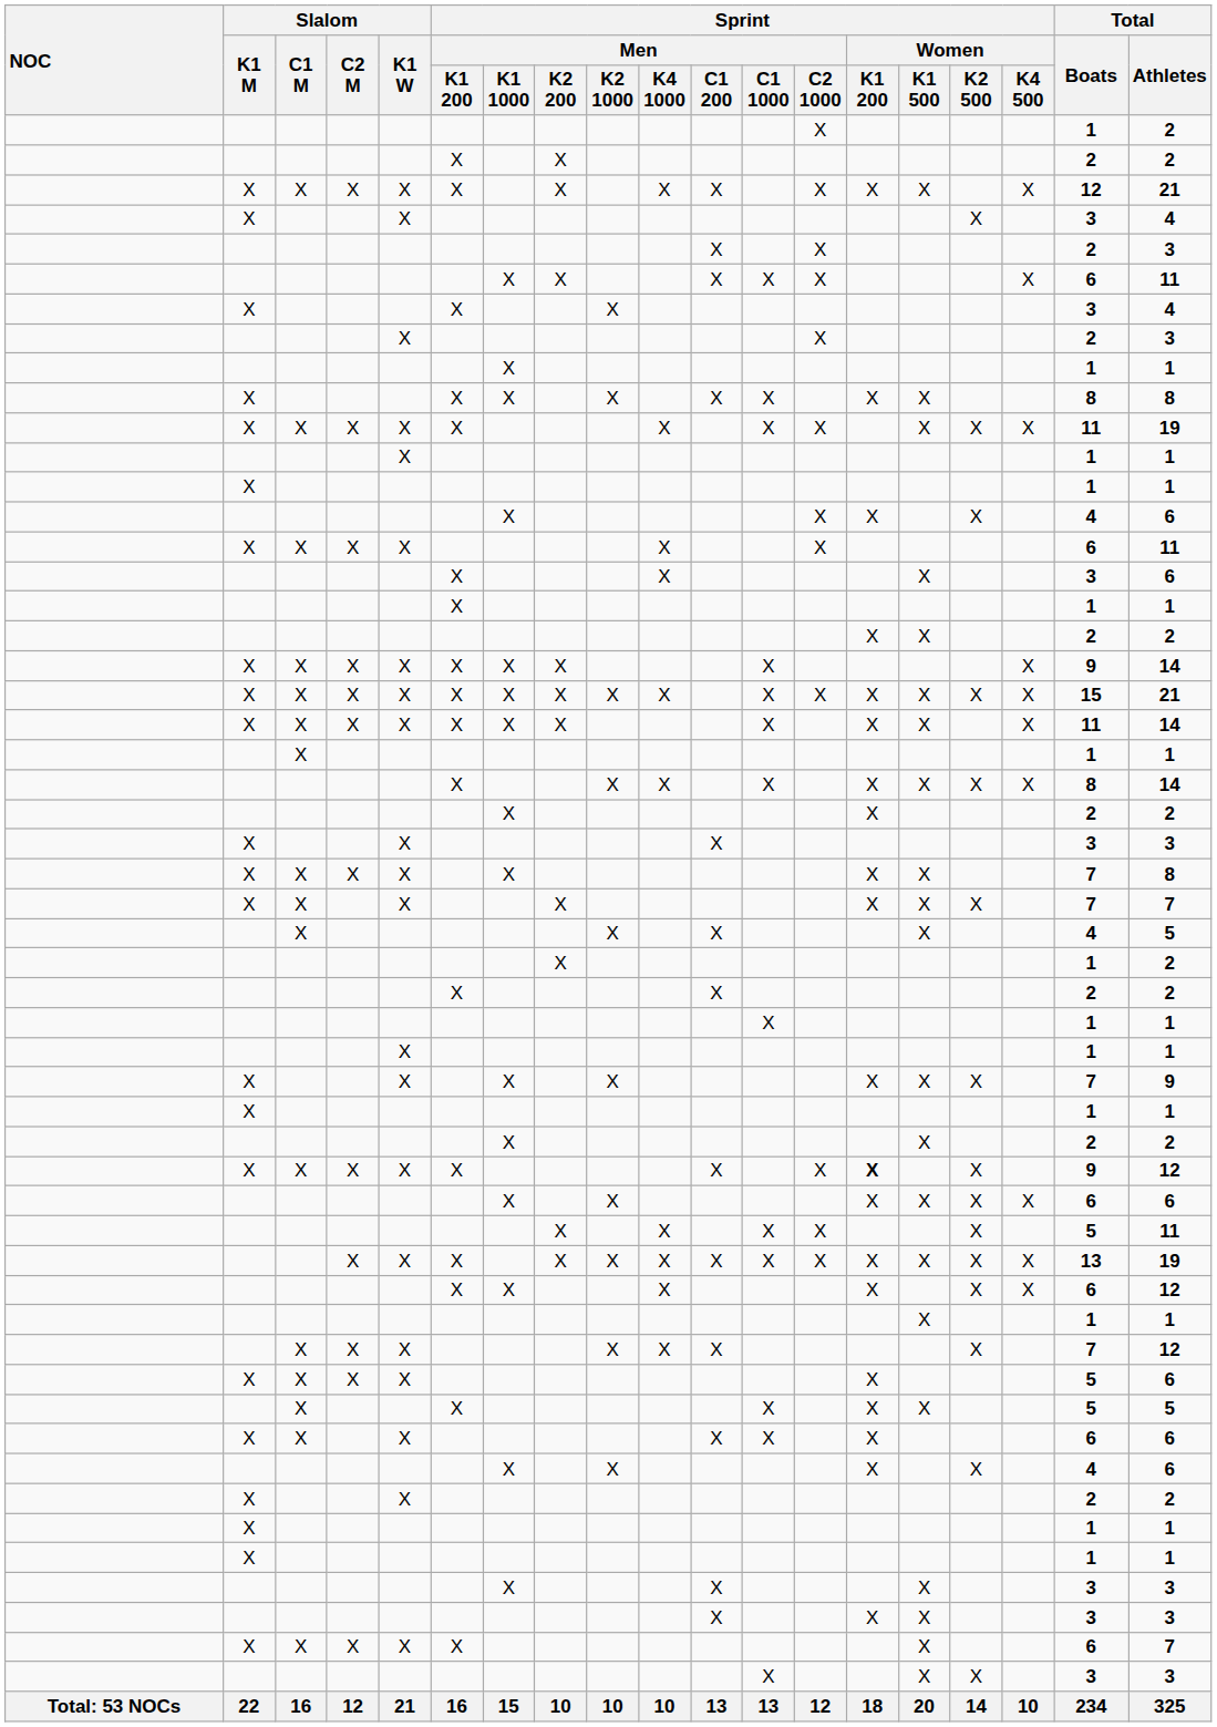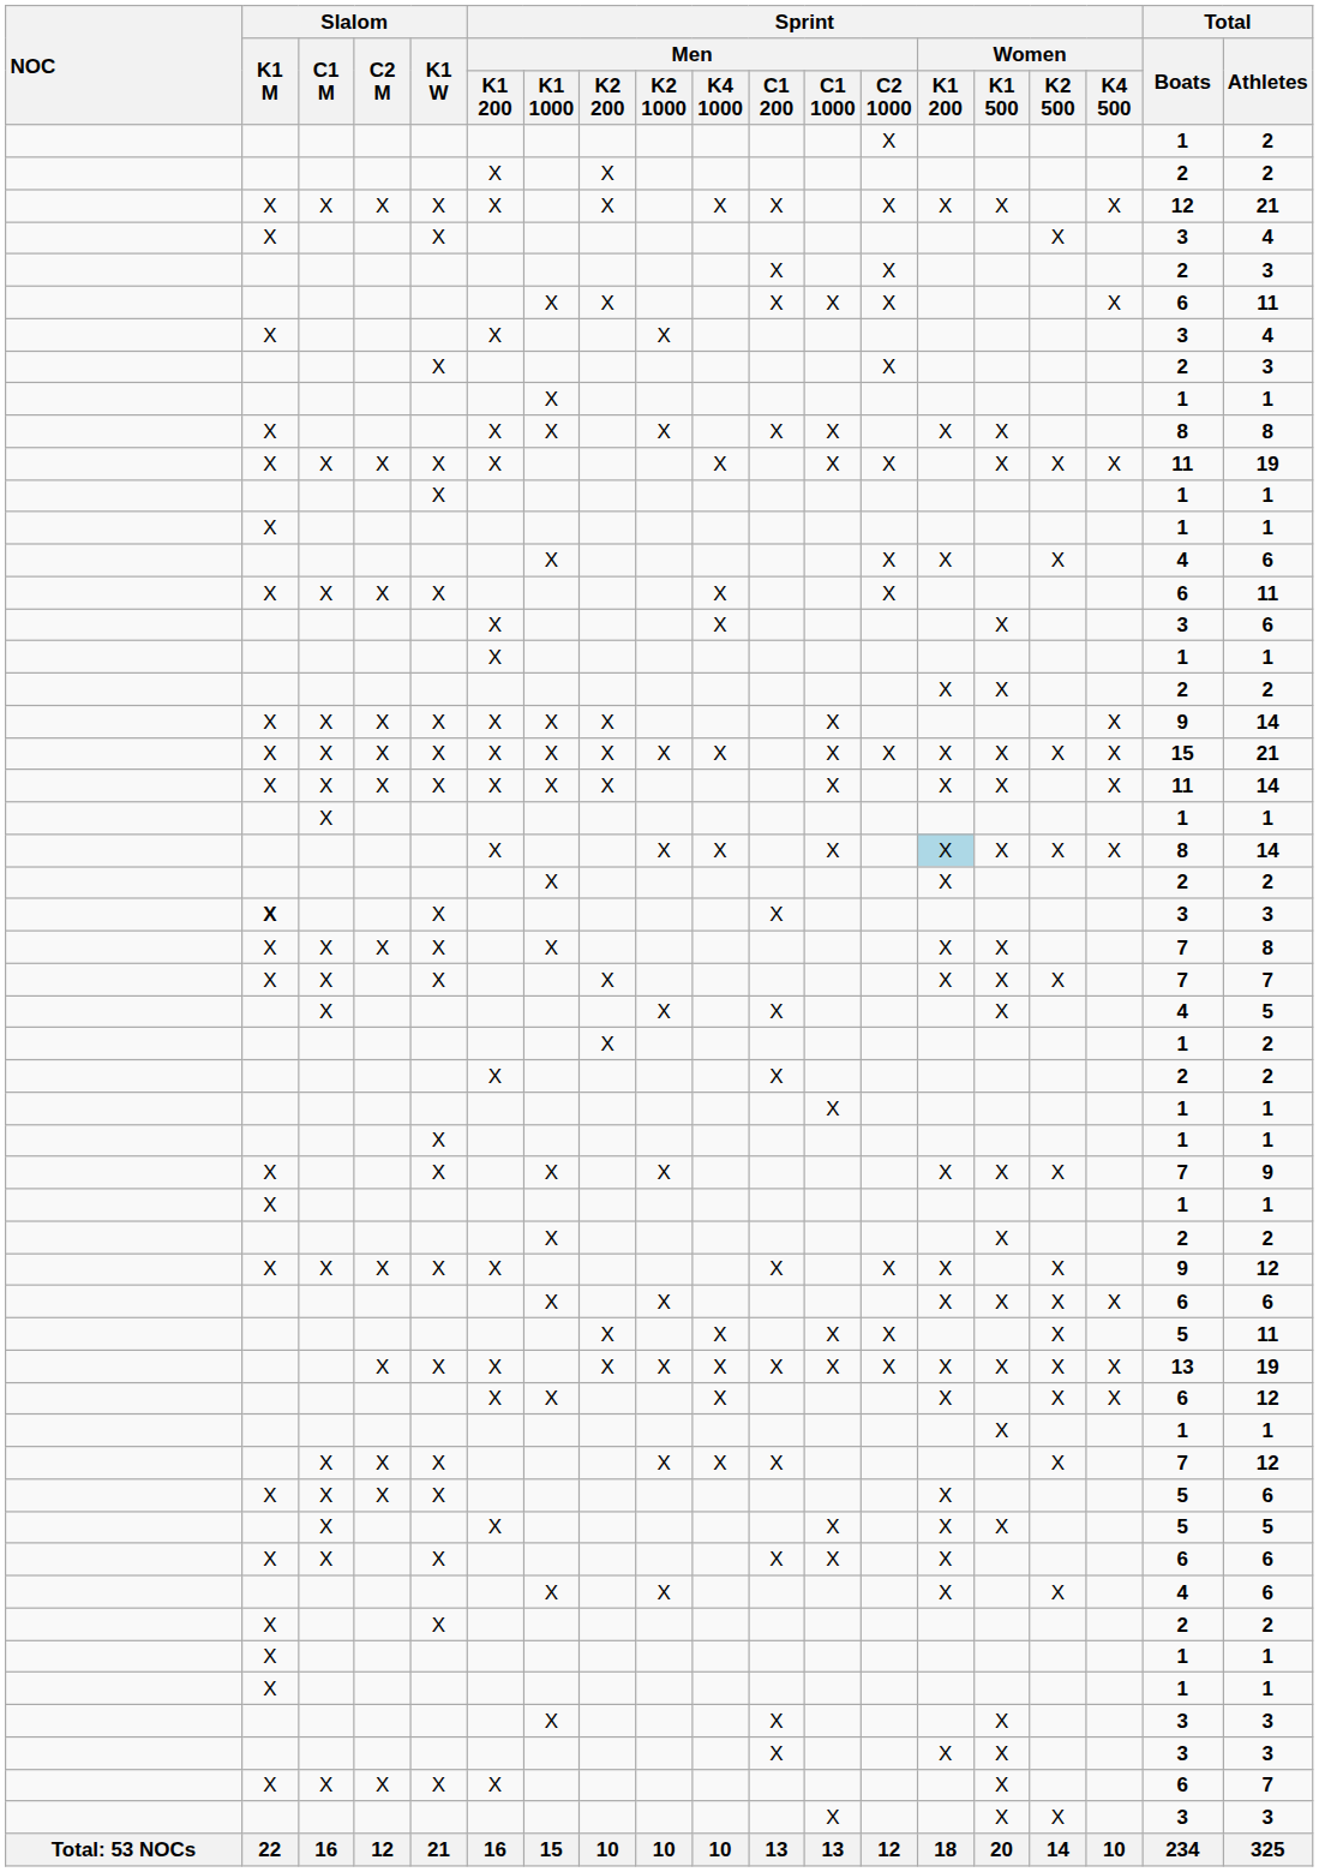 <table class="wikitable" style="text-align:center; font-size:90%">
 <tr>
 <th rowspan="3" style="text-align:left;" width=160>NOC</th>
 <th colspan="4">Slalom</th>
 <th colspan="12">Sprint</th>
 <th colspan="2">Total</th>
 </tr>
 <tr>
 <th width=33 rowspan="2">K1<br>M</th>
 <th width=33 rowspan="2">C1<br>M</th>
 <th width=33 rowspan="2">C2<br>M</th>
 <th width=33 rowspan="2">K1<br>W</th>
 <th colspan=8>Men</th>
 <th colspan=4>Women</th>
 <th width=50 rowspan="2">Boats</th>
 <th width=50 rowspan="2">Athletes</th>
 </tr>
 <tr>
 <th width=33>K1<br>200</th>
 <th width=33>K1<br>1000</th>
 <th width=33>K2<br>200</th>
 <th width=33>K2<br>1000</th>
 <th width=33>K4<br>1000</th>
 <th width=33>C1<br>200</th>
 <th width=33>C1<br>1000</th>
 <th width=33>C2<br>1000</th>
 <th width=33>K1<br>200</th>
 <th width=33>K1<br>500</th>
 <th width=33>K2<br>500</th>
 <th width=33>K4<br>500</th>
 </tr>
 <tr>
 <td style="text-align:left;"></td>
 <td></td>
 <td></td>
 <td></td>
 <td></td>
 <td></td>
 <td></td>
 <td></td>
 <td></td>
 <td></td>
 <td></td>
 <td></td>
 <td>X</td>
 <td></td>
 <td></td>
 <td></td>
 <td></td>
 <td><strong>1</strong></td>
 <td><strong>2</strong></td>
 </tr>
 <tr>
 <td style="text-align:left;"></td>
 <td></td>
 <td></td>
 <td></td>
 <td></td>
 <td>X</td>
 <td></td>
 <td>X</td>
 <td></td>
 <td></td>
 <td></td>
 <td></td>
 <td></td>
 <td></td>
 <td></td>
 <td></td>
 <td></td>
 <td><strong>2</strong></td>
 <td><strong>2</strong></td>
 </tr>
 <tr>
 <td style="text-align:left;"></td>
 <td>X</td>
 <td>X</td>
 <td>X</td>
 <td>X</td>
 <td>X</td>
 <td></td>
 <td>X</td>
 <td></td>
 <td>X</td>
 <td>X</td>
 <td></td>
 <td>X</td>
 <td>X</td>
 <td>X</td>
 <td></td>
 <td>X</td>
 <td><strong>12</strong></td>
 <td><strong>21</strong></td>
 </tr>
 <tr>
 <td style="text-align:left;"></td>
 <td>X</td>
 <td></td>
 <td></td>
 <td>X</td>
 <td></td>
 <td></td>
 <td></td>
 <td></td>
 <td></td>
 <td></td>
 <td></td>
 <td></td>
 <td></td>
 <td></td>
 <td>X</td>
 <td></td>
 <td><strong>3</strong></td>
 <td><strong>4</strong></td>
 </tr>
 <tr>
 <td style="text-align:left;"></td>
 <td></td>
 <td></td>
 <td></td>
 <td></td>
 <td></td>
 <td></td>
 <td></td>
 <td></td>
 <td></td>
 <td>X</td>
 <td></td>
 <td>X</td>
 <td></td>
 <td></td>
 <td></td>
 <td></td>
 <td><strong>2</strong></td>
 <td><strong>3</strong></td>
 </tr>
 <tr>
 <td style="text-align:left;"></td>
 <td></td>
 <td></td>
 <td></td>
 <td></td>
 <td></td>
 <td>X</td>
 <td>X</td>
 <td></td>
 <td></td>
 <td>X</td>
 <td>X</td>
 <td>X</td>
 <td></td>
 <td></td>
 <td></td>
 <td>X</td>
 <td><strong>6</strong></td>
 <td><strong>11</strong></td>
 </tr>
 <tr>
 <td style="text-align:left;"></td>
 <td>X</td>
 <td></td>
 <td></td>
 <td></td>
 <td>X</td>
 <td></td>
 <td></td>
 <td>X</td>
 <td></td>
 <td></td>
 <td></td>
 <td></td>
 <td></td>
 <td></td>
 <td></td>
 <td></td>
 <td><strong>3</strong></td>
 <td><strong>4</strong></td>
 </tr>
 <tr>
 <td style="text-align:left;"></td>
 <td></td>
 <td></td>
 <td></td>
 <td>X</td>
 <td></td>
 <td></td>
 <td></td>
 <td></td>
 <td></td>
 <td></td>
 <td></td>
 <td>X</td>
 <td></td>
 <td></td>
 <td></td>
 <td></td>
 <td><strong>2</strong></td>
 <td><strong>3</strong></td>
 </tr>
 <tr>
 <td style="text-align:left;"></td>
 <td></td>
 <td></td>
 <td></td>
 <td></td>
 <td></td>
 <td>X</td>
 <td></td>
 <td></td>
 <td></td>
 <td></td>
 <td></td>
 <td></td>
 <td></td>
 <td></td>
 <td></td>
 <td></td>
 <td><strong>1</strong></td>
 <td><strong>1</strong></td>
 </tr>
 <tr>
 <td style="text-align:left;"></td>
 <td>X</td>
 <td></td>
 <td></td>
 <td></td>
 <td>X</td>
 <td>X</td>
 <td></td>
 <td>X</td>
 <td></td>
 <td>X</td>
 <td>X</td>
 <td></td>
 <td>X</td>
 <td>X</td>
 <td></td>
 <td></td>
 <td><strong>8</strong></td>
 <td><strong>8</strong></td>
 </tr>
 <tr>
 <td style="text-align:left;"></td>
 <td>X</td>
 <td>X</td>
 <td>X</td>
 <td>X</td>
 <td>X</td>
 <td></td>
 <td></td>
 <td></td>
 <td>X</td>
 <td></td>
 <td>X</td>
 <td>X</td>
 <td></td>
 <td>X</td>
 <td>X</td>
 <td>X</td>
 <td><strong>11</strong></td>
 <td><strong>19</strong></td>
 </tr>
 <tr>
 <td style="text-align:left;"></td>
 <td></td>
 <td></td>
 <td></td>
 <td>X</td>
 <td></td>
 <td></td>
 <td></td>
 <td></td>
 <td></td>
 <td></td>
 <td></td>
 <td></td>
 <td></td>
 <td></td>
 <td></td>
 <td></td>
 <td><strong>1</strong></td>
 <td><strong>1</strong></td>
 </tr>
 <tr>
 <td style="text-align:left;"></td>
 <td>X</td>
 <td></td>
 <td></td>
 <td></td>
 <td></td>
 <td></td>
 <td></td>
 <td></td>
 <td></td>
 <td></td>
 <td></td>
 <td></td>
 <td></td>
 <td></td>
 <td></td>
 <td></td>
 <td><strong>1</strong></td>
 <td><strong>1</strong></td>
 </tr>
 <tr>
 <td style="text-align:left;"></td>
 <td></td>
 <td></td>
 <td></td>
 <td></td>
 <td></td>
 <td>X</td>
 <td></td>
 <td></td>
 <td></td>
 <td></td>
 <td></td>
 <td>X</td>
 <td>X</td>
 <td></td>
 <td>X</td>
 <td></td>
 <td><strong>4</strong></td>
 <td><strong>6</strong></td>
 </tr>
 <tr>
 <td style="text-align:left;"></td>
 <td>X</td>
 <td>X</td>
 <td>X</td>
 <td>X</td>
 <td></td>
 <td></td>
 <td></td>
 <td></td>
 <td>X</td>
 <td></td>
 <td></td>
 <td>X</td>
 <td></td>
 <td></td>
 <td></td>
 <td></td>
 <td><strong>6</strong></td>
 <td><strong>11</strong></td>
 </tr>
 <tr>
 <td style="text-align:left;"></td>
 <td></td>
 <td></td>
 <td></td>
 <td></td>
 <td>X</td>
 <td></td>
 <td></td>
 <td></td>
 <td>X</td>
 <td></td>
 <td></td>
 <td></td>
 <td></td>
 <td>X</td>
 <td></td>
 <td></td>
 <td><strong>3</strong></td>
 <td><strong>6</strong></td>
 </tr>
 <tr>
 <td style="text-align:left;"></td>
 <td></td>
 <td></td>
 <td></td>
 <td></td>
 <td>X</td>
 <td></td>
 <td></td>
 <td></td>
 <td></td>
 <td></td>
 <td></td>
 <td></td>
 <td></td>
 <td></td>
 <td></td>
 <td></td>
 <td><strong>1</strong></td>
 <td><strong>1</strong></td>
 </tr>
 <tr>
 <td style="text-align:left;"></td>
 <td></td>
 <td></td>
 <td></td>
 <td></td>
 <td></td>
 <td></td>
 <td></td>
 <td></td>
 <td></td>
 <td></td>
 <td></td>
 <td></td>
 <td>X</td>
 <td>X</td>
 <td></td>
 <td></td>
 <td><strong>2</strong></td>
 <td><strong>2</strong></td>
 </tr>
 <tr>
 <td style="text-align:left;"></td>
 <td>X</td>
 <td>X</td>
 <td>X</td>
 <td>X</td>
 <td>X</td>
 <td>X</td>
 <td>X</td>
 <td></td>
 <td></td>
 <td></td>
 <td>X</td>
 <td></td>
 <td></td>
 <td></td>
 <td></td>
 <td>X</td>
 <td><strong>9</strong></td>
 <td><strong>14</strong></td>
 </tr>
 <tr>
 <td style="text-align:left;"></td>
 <td>X</td>
 <td>X</td>
 <td>X</td>
 <td>X</td>
 <td>X</td>
 <td>X</td>
 <td>X</td>
 <td>X</td>
 <td>X</td>
 <td></td>
 <td>X</td>
 <td>X</td>
 <td>X</td>
 <td>X</td>
 <td>X</td>
 <td>X</td>
 <td><strong>15</strong></td>
 <td><strong>21</strong></td>
 </tr>
 <tr>
 <td style="text-align:left;"></td>
 <td>X</td>
 <td>X</td>
 <td>X</td>
 <td>X</td>
 <td>X</td>
 <td>X</td>
 <td>X</td>
 <td></td>
 <td></td>
 <td></td>
 <td>X</td>
 <td></td>
 <td>X</td>
 <td>X</td>
 <td></td>
 <td>X</td>
 <td><strong>11</strong></td>
 <td><strong>14</strong></td>
 </tr>
 <tr>
 <td style="text-align:left;"></td>
 <td></td>
 <td>X</td>
 <td></td>
 <td></td>
 <td></td>
 <td></td>
 <td></td>
 <td></td>
 <td></td>
 <td></td>
 <td></td>
 <td></td>
 <td></td>
 <td></td>
 <td></td>
 <td></td>
 <td><strong>1</strong></td>
 <td><strong>1</strong></td>
 </tr>
 <tr>
 <td style="text-align:left;"></td>
 <td></td>
 <td></td>
 <td></td>
 <td></td>
 <td>X</td>
 <td></td>
 <td></td>
 <td>X</td>
 <td>X</td>
 <td></td>
 <td>X</td>
 <td></td>
-<td>X</td>
+<td style="background: lightblue;">X</td>
 <td>X</td>
 <td>X</td>
 <td>X</td>
 <td><strong>8</strong></td>
 <td><strong>14</strong></td>
 </tr>
 <tr>
 <td style="text-align:left;"></td>
 <td></td>
 <td></td>
 <td></td>
 <td></td>
 <td></td>
 <td>X</td>
 <td></td>
 <td></td>
 <td></td>
 <td></td>
 <td></td>
 <td></td>
 <td>X</td>
 <td></td>
 <td></td>
 <td></td>
 <td><strong>2</strong></td>
 <td><strong>2</strong></td>
 </tr>
 <tr>
 <td style="text-align:left;"></td>
-<td>X</td>
+<td><strong>X</strong></td>
 <td></td>
 <td></td>
 <td>X</td>
 <td></td>
 <td></td>
 <td></td>
 <td></td>
 <td></td>
 <td>X</td>
 <td></td>
 <td></td>
 <td></td>
 <td></td>
 <td></td>
 <td></td>
 <td><strong>3</strong></td>
 <td><strong>3</strong></td>
 </tr>
 <tr>
 <td style="text-align:left;"></td>
 <td>X</td>
 <td>X</td>
 <td>X</td>
 <td>X</td>
 <td></td>
 <td>X</td>
 <td></td>
 <td></td>
 <td></td>
 <td></td>
 <td></td>
 <td></td>
 <td>X</td>
 <td>X</td>
 <td></td>
 <td></td>
 <td><strong>7</strong></td>
 <td><strong>8</strong></td>
 </tr>
 <tr>
 <td style="text-align:left;"></td>
 <td>X</td>
 <td>X</td>
 <td></td>
 <td>X</td>
 <td></td>
 <td></td>
 <td>X</td>
 <td></td>
 <td></td>
 <td></td>
 <td></td>
 <td></td>
 <td>X</td>
 <td>X</td>
 <td>X</td>
 <td></td>
 <td><strong>7</strong></td>
 <td><strong>7</strong></td>
 </tr>
 <tr>
 <td style="text-align:left;"></td>
 <td></td>
 <td>X</td>
 <td></td>
 <td></td>
 <td></td>
 <td></td>
 <td></td>
 <td>X</td>
 <td></td>
 <td>X</td>
 <td></td>
 <td></td>
 <td></td>
 <td>X</td>
 <td></td>
 <td></td>
 <td><strong>4</strong></td>
 <td><strong>5</strong></td>
 </tr>
 <tr>
 <td style="text-align:left;"></td>
 <td></td>
 <td></td>
 <td></td>
 <td></td>
 <td></td>
 <td></td>
 <td>X</td>
 <td></td>
 <td></td>
 <td></td>
 <td></td>
 <td></td>
 <td></td>
 <td></td>
 <td></td>
 <td></td>
 <td><strong>1</strong></td>
 <td><strong>2</strong></td>
 </tr>
 <tr>
 <td style="text-align:left;"></td>
 <td></td>
 <td></td>
 <td></td>
 <td></td>
 <td>X</td>
 <td></td>
 <td></td>
 <td></td>
 <td></td>
 <td>X</td>
 <td></td>
 <td></td>
 <td></td>
 <td></td>
 <td></td>
 <td></td>
 <td><strong>2</strong></td>
 <td><strong>2</strong></td>
 </tr>
 <tr>
 <td style="text-align:left;"></td>
 <td></td>
 <td></td>
 <td></td>
 <td></td>
 <td></td>
 <td></td>
 <td></td>
 <td></td>
 <td></td>
 <td></td>
 <td>X</td>
 <td></td>
 <td></td>
 <td></td>
 <td></td>
 <td></td>
 <td><strong>1</strong></td>
 <td><strong>1</strong></td>
 </tr>
 <tr>
 <td style="text-align:left;"></td>
 <td></td>
 <td></td>
 <td></td>
 <td>X</td>
 <td></td>
 <td></td>
 <td></td>
 <td></td>
 <td></td>
 <td></td>
 <td></td>
 <td></td>
 <td></td>
 <td></td>
 <td></td>
 <td></td>
 <td><strong>1</strong></td>
 <td><strong>1</strong></td>
 </tr>
 <tr>
 <td style="text-align:left;"></td>
 <td>X</td>
 <td></td>
 <td></td>
 <td>X</td>
 <td></td>
 <td>X</td>
 <td></td>
 <td>X</td>
 <td></td>
 <td></td>
 <td></td>
 <td></td>
 <td>X</td>
 <td>X</td>
 <td>X</td>
 <td></td>
 <td><strong>7</strong></td>
 <td><strong>9</strong></td>
 </tr>
 <tr>
 <td style="text-align:left;"></td>
 <td>X</td>
 <td></td>
 <td></td>
 <td></td>
 <td></td>
 <td></td>
 <td></td>
 <td></td>
 <td></td>
 <td></td>
 <td></td>
 <td></td>
 <td></td>
 <td></td>
 <td></td>
 <td></td>
 <td><strong>1</strong></td>
 <td><strong>1</strong></td>
 </tr>
 <tr>
 <td style="text-align:left;"></td>
 <td></td>
 <td></td>
 <td></td>
 <td></td>
 <td></td>
 <td>X</td>
 <td></td>
 <td></td>
 <td></td>
 <td></td>
 <td></td>
 <td></td>
 <td></td>
 <td>X</td>
 <td></td>
 <td></td>
 <td><strong>2</strong></td>
 <td><strong>2</strong></td>
 </tr>
 <tr>
 <td style="text-align:left;"></td>
 <td>X</td>
 <td>X</td>
 <td>X</td>
 <td>X</td>
 <td>X</td>
 <td></td>
 <td></td>
 <td></td>
 <td></td>
 <td>X</td>
 <td></td>
 <td>X</td>
-<td><strong>X</strong></td>
+<td>X</td>
 <td></td>
 <td>X</td>
 <td></td>
 <td><strong>9</strong></td>
 <td><strong>12</strong></td>
 </tr>
 <tr>
 <td style="text-align:left;"></td>
 <td></td>
 <td></td>
 <td></td>
 <td></td>
 <td></td>
 <td>X</td>
 <td></td>
 <td>X</td>
 <td></td>
 <td></td>
 <td></td>
 <td></td>
 <td>X</td>
 <td>X</td>
 <td>X</td>
 <td>X</td>
 <td><strong>6</strong></td>
 <td><strong>6</strong></td>
 </tr>
 <tr>
 <td style="text-align:left;"></td>
 <td></td>
 <td></td>
 <td></td>
 <td></td>
 <td></td>
 <td></td>
 <td>X</td>
 <td></td>
 <td>X</td>
 <td></td>
 <td>X</td>
 <td>X</td>
 <td></td>
 <td></td>
 <td>X</td>
 <td></td>
 <td><strong>5</strong></td>
 <td><strong>11</strong></td>
 </tr>
 <tr>
 <td style="text-align:left;"></td>
 <td></td>
 <td></td>
 <td>X</td>
 <td>X</td>
 <td>X</td>
 <td></td>
 <td>X</td>
 <td>X</td>
 <td>X</td>
 <td>X</td>
 <td>X</td>
 <td>X</td>
 <td>X</td>
 <td>X</td>
 <td>X</td>
 <td>X</td>
 <td><strong>13</strong></td>
 <td><strong>19</strong></td>
 </tr>
 <tr>
 <td style="text-align:left;"></td>
 <td></td>
 <td></td>
 <td></td>
 <td></td>
 <td>X</td>
 <td>X</td>
 <td></td>
 <td></td>
 <td>X</td>
 <td></td>
 <td></td>
 <td></td>
 <td>X</td>
 <td></td>
 <td>X</td>
 <td>X</td>
 <td><strong>6</strong></td>
 <td><strong>12</strong></td>
 </tr>
 <tr>
 <td style="text-align:left;"></td>
 <td></td>
 <td></td>
 <td></td>
 <td></td>
 <td></td>
 <td></td>
 <td></td>
 <td></td>
 <td></td>
 <td></td>
 <td></td>
 <td></td>
 <td></td>
 <td>X</td>
 <td></td>
 <td></td>
 <td><strong>1</strong></td>
 <td><strong>1</strong></td>
 </tr>
 <tr>
 <td style="text-align:left;"></td>
 <td></td>
 <td>X</td>
 <td>X</td>
 <td>X</td>
 <td></td>
 <td></td>
 <td></td>
 <td>X</td>
 <td>X</td>
 <td>X</td>
 <td></td>
 <td></td>
 <td></td>
 <td></td>
 <td>X</td>
 <td></td>
 <td><strong>7</strong></td>
 <td><strong>12</strong></td>
 </tr>
 <tr>
 <td style="text-align:left;"></td>
 <td>X</td>
 <td>X</td>
 <td>X</td>
 <td>X</td>
 <td></td>
 <td></td>
 <td></td>
 <td></td>
 <td></td>
 <td></td>
 <td></td>
 <td></td>
 <td>X</td>
 <td></td>
 <td></td>
 <td></td>
 <td><strong>5</strong></td>
 <td><strong>6</strong></td>
 </tr>
 <tr>
 <td style="text-align:left;"></td>
 <td></td>
 <td>X</td>
 <td></td>
 <td></td>
 <td>X</td>
 <td></td>
 <td></td>
 <td></td>
 <td></td>
 <td></td>
 <td>X</td>
 <td></td>
 <td>X</td>
 <td>X</td>
 <td></td>
 <td></td>
 <td><strong>5</strong></td>
 <td><strong>5</strong></td>
 </tr>
 <tr>
 <td style="text-align:left;"></td>
 <td>X</td>
 <td>X</td>
 <td></td>
 <td>X</td>
 <td></td>
 <td></td>
 <td></td>
 <td></td>
 <td></td>
 <td>X</td>
 <td>X</td>
 <td></td>
 <td>X</td>
 <td></td>
 <td></td>
 <td></td>
 <td><strong>6</strong></td>
 <td><strong>6</strong></td>
 </tr>
 <tr>
 <td style="text-align:left;"></td>
 <td></td>
 <td></td>
 <td></td>
 <td></td>
 <td></td>
 <td>X</td>
 <td></td>
 <td>X</td>
 <td></td>
 <td></td>
 <td></td>
 <td></td>
 <td>X</td>
 <td></td>
 <td>X</td>
 <td></td>
 <td><strong>4</strong></td>
 <td><strong>6</strong></td>
 </tr>
 <tr>
 <td style="text-align:left;"></td>
 <td>X</td>
 <td></td>
 <td></td>
 <td>X</td>
 <td></td>
 <td></td>
 <td></td>
 <td></td>
 <td></td>
 <td></td>
 <td></td>
 <td></td>
 <td></td>
 <td></td>
 <td></td>
 <td></td>
 <td><strong>2</strong></td>
 <td><strong>2</strong></td>
 </tr>
 <tr>
 <td style="text-align:left;"></td>
 <td>X</td>
 <td></td>
 <td></td>
 <td></td>
 <td></td>
 <td></td>
 <td></td>
 <td></td>
 <td></td>
 <td></td>
 <td></td>
 <td></td>
 <td></td>
 <td></td>
 <td></td>
 <td></td>
 <td><strong>1</strong></td>
 <td><strong>1</strong></td>
 </tr>
 <tr>
 <td style="text-align:left;"></td>
 <td>X</td>
 <td></td>
 <td></td>
 <td></td>
 <td></td>
 <td></td>
 <td></td>
 <td></td>
 <td></td>
 <td></td>
 <td></td>
 <td></td>
 <td></td>
 <td></td>
 <td></td>
 <td></td>
 <td><strong>1</strong></td>
 <td><strong>1</strong></td>
 </tr>
 <tr>
 <td style="text-align:left;"></td>
 <td></td>
 <td></td>
 <td></td>
 <td></td>
 <td></td>
 <td>X</td>
 <td></td>
 <td></td>
 <td></td>
 <td>X</td>
 <td></td>
 <td></td>
 <td></td>
 <td>X</td>
 <td></td>
 <td></td>
 <td><strong>3</strong></td>
 <td><strong>3</strong></td>
 </tr>
 <tr>
 <td style="text-align:left;"></td>
 <td></td>
 <td></td>
 <td></td>
 <td></td>
 <td></td>
 <td></td>
 <td></td>
 <td></td>
 <td></td>
 <td>X</td>
 <td></td>
 <td></td>
 <td>X</td>
 <td>X</td>
 <td></td>
 <td></td>
 <td><strong>3</strong></td>
 <td><strong>3</strong></td>
 </tr>
 <tr>
 <td style="text-align:left;"></td>
 <td>X</td>
 <td>X</td>
 <td>X</td>
 <td>X</td>
 <td>X</td>
 <td></td>
 <td></td>
 <td></td>
 <td></td>
 <td></td>
 <td></td>
 <td></td>
 <td></td>
 <td>X</td>
 <td></td>
 <td></td>
 <td><strong>6</strong></td>
 <td><strong>7</strong></td>
 </tr>
 <tr>
 <td style="text-align:left;"></td>
 <td></td>
 <td></td>
 <td></td>
 <td></td>
 <td></td>
 <td></td>
 <td></td>
 <td></td>
 <td></td>
 <td></td>
 <td>X</td>
 <td></td>
 <td></td>
 <td>X</td>
 <td>X</td>
 <td></td>
 <td><strong>3</strong></td>
 <td><strong>3</strong></td>
 </tr>
 <tr>
 <th>Total: 53 NOCs</th>
 <th>22</th>
 <th>16</th>
 <th>12</th>
 <th>21</th>
 <th>16</th>
 <th>15</th>
 <th>10</th>
 <th>10</th>
 <th>10</th>
 <th>13</th>
 <th>13</th>
 <th>12</th>
 <th>18</th>
 <th>20</th>
 <th>14</th>
 <th>10</th>
 <th>234</th>
 <th>325</th>
 </tr>
 </table>
